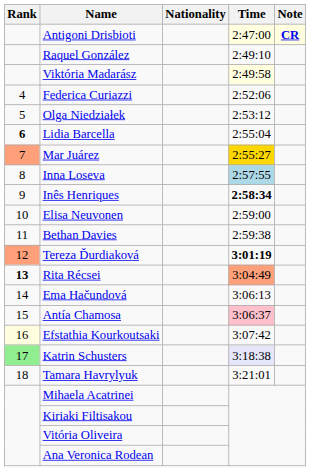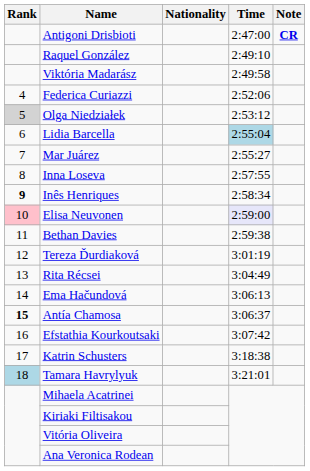 <table class="wikitable sortable"  style="text-align:center">
 <tr>
 <th>Rank</th>
 <th>Name</th>
 <th>Nationality</th>
 <th>Time</th>
 <th>Note</th>
 </tr>
 <tr>
 <td></td>
 <td align=left><a href='#'>Antigoni Drisbioti</a></td>
 <td align=left></td>
-<td style="background: lightyellow;">2:47:00</td>
-<td style="background: lightyellow;"><strong><a href='#'>CR</a></strong></td>
+<td>2:47:00</td>
+<td><strong><a href='#'>CR</a></strong></td>
 </tr>
 <tr>
 <td></td>
 <td align=left><a href='#'>Raquel González</a></td>
 <td align=left></td>
 <td>2:49:10</td>
 <td></td>
 </tr>
 <tr>
 <td></td>
 <td align=left><a href='#'>Viktória Madarász</a></td>
 <td align=left></td>
-<td style="background: lightyellow;">2:49:58</td>
+<td>2:49:58</td>
 <td></td>
 </tr>
 <tr>
 <td>4</td>
 <td align=left><a href='#'>Federica Curiazzi</a></td>
 <td align=left></td>
 <td>2:52:06</td>
 <td></td>
 </tr>
 <tr>
-<td>5</td>
+<td style="background: lightgrey;">5</td>
 <td align=left><a href='#'>Olga Niedziałek</a></td>
 <td align=left></td>
 <td>2:53:12</td>
 <td></td>
 </tr>
 <tr>
-<td><strong>6</strong></td>
+<td>6</td>
 <td align=left><a href='#'>Lidia Barcella</a></td>
 <td align=left></td>
-<td>2:55:04</td>
+<td style="background: lightblue;">2:55:04</td>
 <td></td>
 </tr>
 <tr>
-<td style="background: lightsalmon;">7</td>
+<td>7</td>
 <td align=left><a href='#'>Mar Juárez</a></td>
 <td align=left></td>
-<td style="background: gold;">2:55:27</td>
+<td>2:55:27</td>
 <td></td>
 </tr>
 <tr>
 <td>8</td>
 <td align=left><a href='#'>Inna Loseva</a></td>
 <td align=left></td>
-<td style="background: lightblue;">2:57:55</td>
+<td>2:57:55</td>
 <td></td>
 </tr>
 <tr>
-<td>9</td>
+<td><strong>9</strong></td>
 <td align=left><a href='#'>Inês Henriques</a></td>
 <td align=left></td>
-<td><strong>2:58:34</strong></td>
+<td>2:58:34</td>
 <td></td>
 </tr>
 <tr>
-<td>10</td>
+<td style="background: pink;">10</td>
 <td align=left><a href='#'>Elisa Neuvonen</a></td>
 <td align=left></td>
-<td>2:59:00</td>
+<td style="background: lavender;">2:59:00</td>
 <td></td>
 </tr>
 <tr>
 <td>11</td>
 <td align=left><a href='#'>Bethan Davies</a></td>
 <td align=left></td>
 <td>2:59:38</td>
 <td></td>
 </tr>
 <tr>
-<td style="background: lightsalmon;">12</td>
+<td>12</td>
 <td align=left><a href='#'>Tereza Ďurdiaková</a></td>
 <td align=left></td>
-<td><strong>3:01:19</strong></td>
+<td>3:01:19</td>
 <td></td>
 </tr>
 <tr>
-<td><strong>13</strong></td>
+<td>13</td>
 <td align=left><a href='#'>Rita Récsei</a></td>
 <td align=left></td>
-<td style="background: lightsalmon;">3:04:49</td>
+<td>3:04:49</td>
 <td></td>
 </tr>
 <tr>
 <td>14</td>
 <td align=left><a href='#'>Ema Hačundová</a></td>
 <td align=left></td>
 <td>3:06:13</td>
 <td></td>
 </tr>
 <tr>
-<td>15</td>
+<td><strong>15</strong></td>
 <td align=left><a href='#'>Antía Chamosa</a></td>
 <td align=left></td>
-<td style="background: pink;">3:06:37</td>
+<td>3:06:37</td>
 <td></td>
 </tr>
 <tr>
-<td style="background: lightyellow;">16</td>
+<td>16</td>
 <td align=left><a href='#'>Efstathia Kourkoutsaki</a></td>
 <td align=left></td>
 <td>3:07:42</td>
 <td></td>
 </tr>
 <tr>
-<td style="background: lightgreen;">17</td>
+<td>17</td>
 <td align=left><a href='#'>Katrin Schusters</a></td>
 <td align=left></td>
-<td style="background: lavender;">3:18:38</td>
+<td>3:18:38</td>
 <td></td>
 </tr>
 <tr>
-<td>18</td>
+<td style="background: lightblue;">18</td>
 <td align=left><a href='#'>Tamara Havrylyuk</a></td>
 <td align=left></td>
 <td>3:21:01</td>
 <td></td>
 </tr>
 <tr>
 <td rowspan=4></td>
 <td align=left><a href='#'>Mihaela Acatrinei</a></td>
 <td align=left></td>
 <td colspan=2 rowspan=4></td>
 </tr>
 <tr>
 <td align=left><a href='#'>Kiriaki Filtisakou</a></td>
 <td align=left></td>
 </tr>
 <tr>
 <td align=left><a href='#'>Vitória Oliveira</a></td>
 <td align=left></td>
 </tr>
 <tr>
 <td align=left><a href='#'>Ana Veronica Rodean</a></td>
 <td align=left></td>
 </tr>
 </table>
